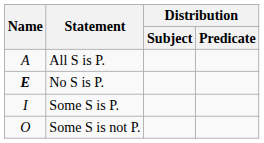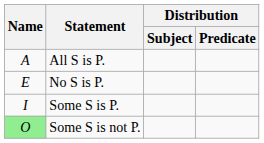 <table class="wikitable">
 <tr>
 <th rowspan="2">Name</th>
 <th rowspan="2">Statement</th>
 <th colspan="2">Distribution</th>
 </tr>
 <tr>
 <th>Subject</th>
 <th>Predicate</th>
 </tr>
 <tr>
 <td align="center"><em>A</em></td>
 <td>All S is P.</td>
 <td></td>
 <td></td>
 </tr>
 <tr>
-<td align="center"><strong><em>E</em></strong></td>
+<td align="center"><em>E</em></td>
 <td>No S is P.</td>
 <td></td>
 <td></td>
 </tr>
 <tr>
 <td align="center"><em>I</em></td>
 <td>Some S is P.</td>
 <td></td>
 <td></td>
 </tr>
 <tr>
-<td align="center"><em>O</em></td>
+<td align="center" style="background: lightgreen;"><em>O</em></td>
 <td>Some S is not P.</td>
 <td></td>
 <td></td>
 </tr>
 </table>
